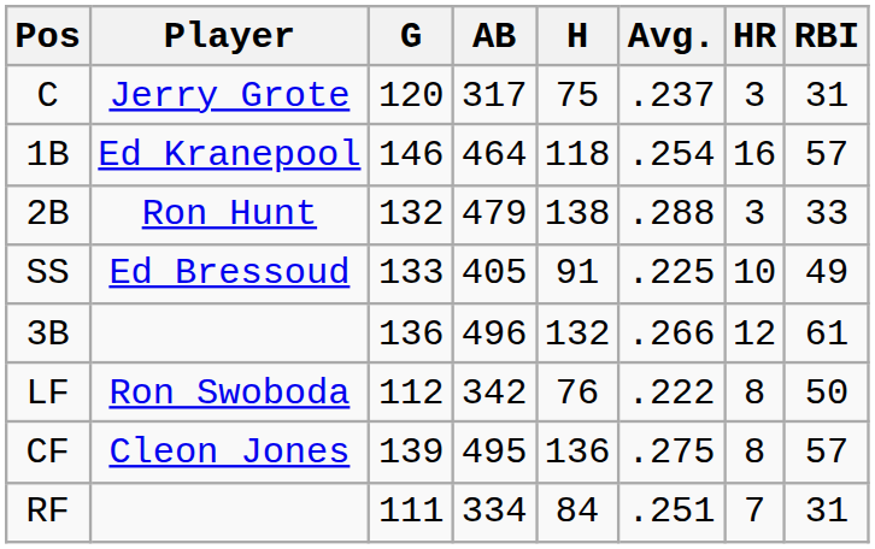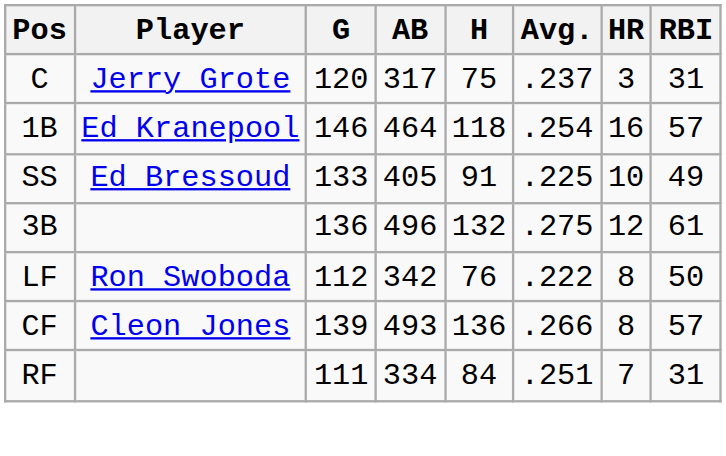 <table class="wikitable sortable">
 <tr>
 <th>Pos</th>
 <th>Player</th>
 <th>G</th>
 <th>AB</th>
 <th>H</th>
 <th>Avg.</th>
 <th>HR</th>
 <th>RBI</th>
 </tr>
 <tr align="center">
 <td>C</td>
 <td><a href='#'>Jerry Grote</a></td>
 <td>120</td>
 <td>317</td>
 <td>75</td>
 <td>.237</td>
 <td>3</td>
 <td>31</td>
 </tr>
 <tr align="center">
 <td>1B</td>
 <td><a href='#'>Ed Kranepool</a></td>
 <td>146</td>
 <td>464</td>
 <td>118</td>
 <td>.254</td>
 <td>16</td>
 <td>57</td>
 </tr>
 <tr align="center">
-<td>2B</td>
-<td><a href='#'>Ron Hunt</a></td>
-<td>132</td>
-<td>479</td>
-<td>138</td>
-<td>.288</td>
-<td>3</td>
-<td>33</td>
-</tr>
-<tr align="center">
 <td>SS</td>
 <td><a href='#'>Ed Bressoud</a></td>
 <td>133</td>
 <td>405</td>
 <td>91</td>
 <td>.225</td>
 <td>10</td>
 <td>49</td>
 </tr>
 <tr align="center">
 <td>3B</td>
 <td></td>
 <td>136</td>
 <td>496</td>
 <td>132</td>
-<td>.266</td>
+<td>.275</td>
 <td>12</td>
 <td>61</td>
 </tr>
 <tr align="center">
 <td>LF</td>
 <td><a href='#'>Ron Swoboda</a></td>
 <td>112</td>
 <td>342</td>
 <td>76</td>
 <td>.222</td>
 <td>8</td>
 <td>50</td>
 </tr>
 <tr align="center">
 <td>CF</td>
 <td><a href='#'>Cleon Jones</a></td>
 <td>139</td>
-<td>495</td>
+<td>493</td>
 <td>136</td>
-<td>.275</td>
+<td>.266</td>
 <td>8</td>
 <td>57</td>
 </tr>
 <tr align="center">
 <td>RF</td>
 <td></td>
 <td>111</td>
 <td>334</td>
 <td>84</td>
 <td>.251</td>
 <td>7</td>
 <td>31</td>
 </tr>
 </table>
